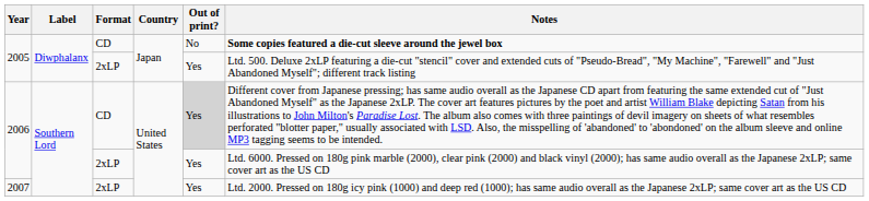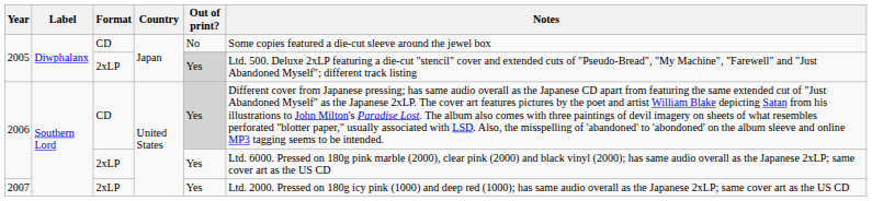 <table class="wikitable">
 <tr>
 <th>Year</th>
 <th>Label</th>
 <th>Format</th>
 <th>Country</th>
 <th>Out of print?</th>
 <th>Notes</th>
 </tr>
 <tr>
 <td rowspan="2">2005</td>
 <td rowspan="2"><a href='#'>Diwphalanx</a></td>
 <td>CD</td>
 <td rowspan="2">Japan</td>
 <td>No</td>
-<td><strong>Some copies featured a die-cut sleeve around the jewel box</strong></td>
+<td>Some copies featured a die-cut sleeve around the jewel box</td>
 </tr>
 <tr>
 <td>2xLP</td>
-<td>Yes</td>
+<td style="background: lightgrey;">Yes</td>
 <td>Ltd. 500. Deluxe 2xLP featuring a die-cut "stencil" cover and extended cuts of "Pseudo-Bread", "My Machine", "Farewell" and "Just Abandoned Myself"; different track listing</td>
 </tr>
 <tr>
 <td rowspan="2">2006</td>
 <td rowspan="3"><a href='#'>Southern Lord</a></td>
 <td>CD</td>
 <td rowspan="3">United States</td>
 <td style="background: lightgrey;">Yes</td>
 <td>Different cover from Japanese pressing; has same audio overall as the Japanese CD apart from featuring the same extended cut of "Just Abandoned Myself" as the Japanese 2xLP. The cover art features pictures by the poet and artist <a href='#'>William Blake</a> depicting <a href='#'>Satan</a> from his illustrations to <a href='#'>John Milton</a>'s <em><a href='#'>Paradise Lost</a></em>. The album also comes with three paintings of devil imagery on sheets of what resembles perforated "blotter paper," usually associated with <a href='#'>LSD</a>. Also, the misspelling of 'abandoned' to 'abondoned'  on the album sleeve and online <a href='#'>MP3</a> tagging seems to be intended.</td>
 </tr>
 <tr>
 <td>2xLP</td>
 <td>Yes</td>
 <td>Ltd. 6000. Pressed on 180g pink marble (2000), clear pink (2000) and black vinyl (2000); has same audio overall as the Japanese 2xLP; same cover art as the US CD</td>
 </tr>
 <tr>
 <td>2007</td>
 <td>2xLP</td>
 <td>Yes</td>
 <td>Ltd. 2000. Pressed on 180g icy pink (1000) and deep red (1000); has same audio overall as the Japanese 2xLP; same cover art as the US CD</td>
 </tr>
 </table>
